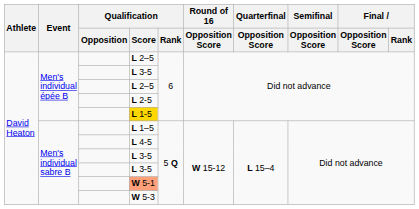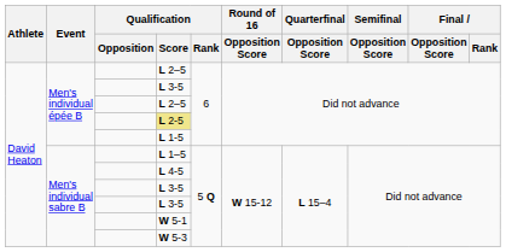 <table class=wikitable style="font-size:90%">
 <tr>
 <th rowspan="2">Athlete</th>
 <th rowspan="2">Event</th>
 <th colspan="3">Qualification</th>
 <th>Round of 16</th>
 <th>Quarterfinal</th>
 <th>Semifinal</th>
 <th colspan="2">Final / </th>
 </tr>
 <tr>
 <th>Opposition</th>
 <th>Score</th>
 <th>Rank</th>
 <th>Opposition<br>Score</th>
 <th>Opposition<br>Score</th>
 <th>Opposition<br>Score</th>
 <th>Opposition<br>Score</th>
 <th>Rank</th>
 </tr>
 <tr>
 <td rowspan=12><a href='#'>David Heaton</a></td>
 <td rowspan=5><a href='#'>Men's individual épée B</a></td>
 <td></td>
 <td><strong>L</strong> 2–5</td>
 <td align="center" rowspan=5>6</td>
 <td align="center" rowspan=5 colspan=5>Did not advance</td>
 </tr>
 <tr>
 <td></td>
 <td><strong>L</strong> 3-5</td>
 </tr>
 <tr>
 <td></td>
 <td><strong>L</strong> 2–5</td>
 </tr>
 <tr>
 <td></td>
-<td><strong>L</strong> 2-5</td>
+<td style="background: khaki;"><strong>L</strong> 2-5</td>
 </tr>
 <tr>
 <td></td>
-<td style="background: gold;"><strong>L</strong> 1-5</td>
+<td><strong>L</strong> 1-5</td>
 </tr>
 <tr>
 <td rowspan=6><a href='#'>Men's individual sabre B</a></td>
 <td></td>
 <td><strong>L</strong> 1–5</td>
 <td align="center" rowspan=6>5 <strong>Q</strong></td>
 <td align="center" rowspan=6><br><strong>W</strong> 15-12</td>
 <td align="center" rowspan=6><br><strong>L</strong> 15–4</td>
 <td align="center" rowspan=6 colspan=3>Did not advance</td>
 </tr>
 <tr>
 <td></td>
 <td><strong>L</strong> 4-5</td>
 </tr>
 <tr>
 <td></td>
 <td><strong>L</strong> 3-5</td>
 </tr>
 <tr>
 <td></td>
 <td><strong>L</strong> 3-5</td>
 </tr>
 <tr>
 <td></td>
-<td style="background: lightsalmon;"><strong>W</strong> 5-1</td>
+<td><strong>W</strong> 5-1</td>
 </tr>
 <tr>
 <td></td>
 <td><strong>W</strong> 5-3</td>
 </tr>
 </table>
